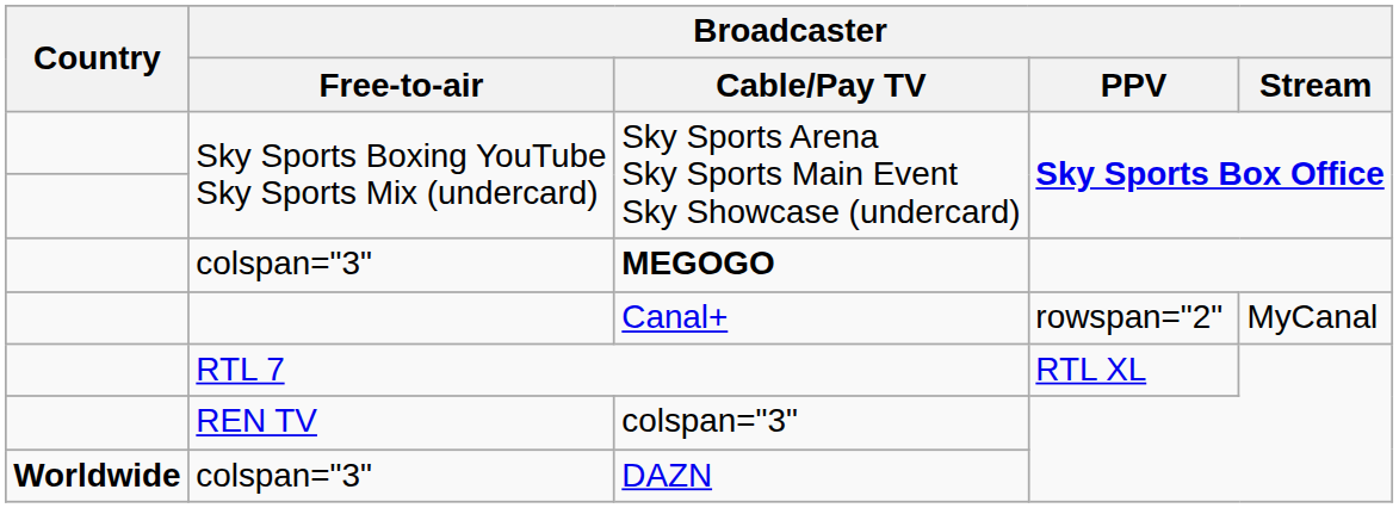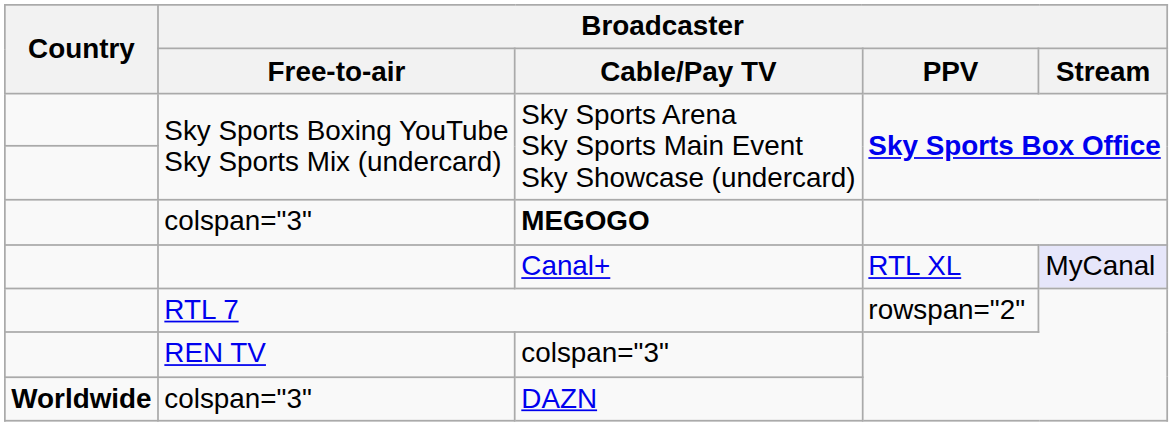 <table class="wikitable">
 <tr>
 <th rowspan="2">Country</th>
 <th colspan="4">Broadcaster</th>
 </tr>
 <tr>
 <th>Free-to-air</th>
 <th>Cable/Pay TV</th>
 <th>PPV</th>
 <th>Stream</th>
 </tr>
 <tr>
 <td><strong></strong></td>
 <td rowspan="2">Sky Sports Boxing YouTube<br>Sky Sports Mix (undercard)</td>
 <td rowspan="2">Sky Sports Arena<br>Sky Sports Main Event<br>Sky Showcase (undercard)</td>
 <td colspan="2" rowspan="2"><strong><a href='#'>Sky Sports Box Office</a></strong></td>
 </tr>
 <tr>
 <td></td>
 </tr>
 <tr>
 <td><strong></strong></td>
 <td>colspan="3" </td>
 <td><strong>MEGOGO</strong></td>
 </tr>
 <tr>
 <td></td>
 <td></td>
 <td><a href='#'>Canal+</a></td>
-<td>rowspan="2" </td>
-<td>MyCanal</td>
+<td><a href='#'>RTL XL</a></td>
+<td style="background: lavender;">MyCanal</td>
 </tr>
 <tr>
 <td></td>
 <td colspan="2"><a href='#'>RTL 7</a></td>
-<td><a href='#'>RTL XL</a></td>
+<td>rowspan="2" </td>
 </tr>
 <tr>
 <td></td>
 <td colspan="1"><a href='#'>REN TV</a></td>
 <td>colspan="3" </td>
 </tr>
 <tr>
 <td><strong>Worldwide</strong></td>
 <td>colspan="3" </td>
 <td><a href='#'>DAZN</a></td>
 </tr>
 </table>
